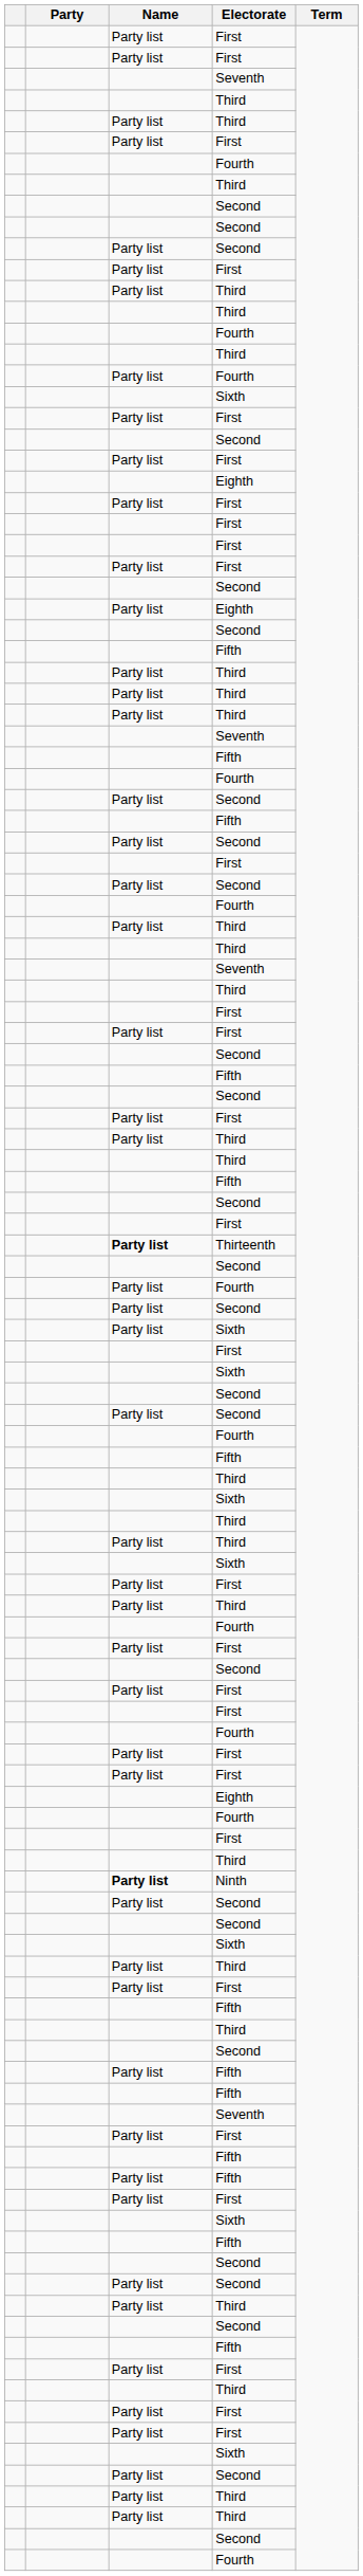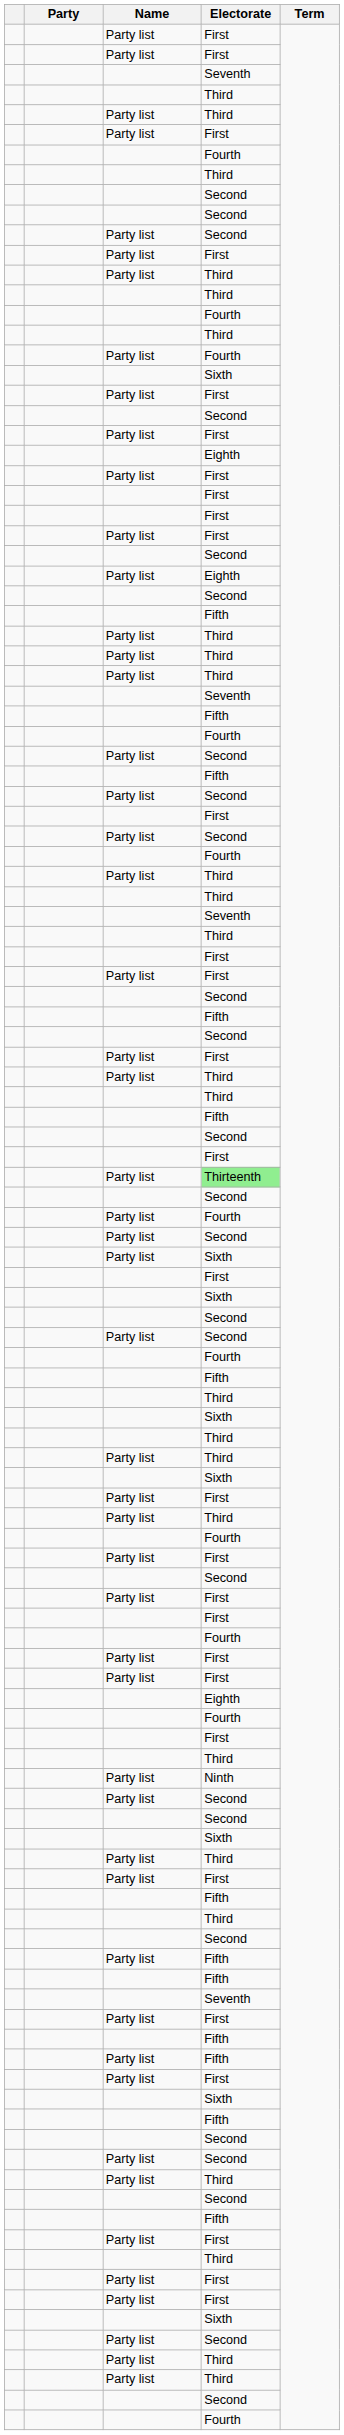 <table class="sortable wikitable">
 <tr ------------------>
 <th width=5% class=unsortable></th>
 <th width=20% align=center>Party</th>
 <th width=25% align=center>Name</th>
 <th width=20% align=center>Electorate</th>
 <th width=15% align=center>Term</th>
 </tr>
 <tr>
 <td></td>
 <td></td>
 <td>Party list</td>
 <td>First</td>
 </tr>
 <tr>
 <td></td>
 <td></td>
 <td>Party list</td>
 <td>First</td>
 </tr>
 <tr>
 <td></td>
 <td></td>
 <td></td>
 <td>Seventh</td>
 </tr>
 <tr>
 <td></td>
 <td></td>
 <td></td>
 <td>Third</td>
 </tr>
 <tr>
 <td></td>
 <td></td>
 <td>Party list</td>
 <td>Third</td>
 </tr>
 <tr>
 <td></td>
 <td></td>
 <td>Party list</td>
 <td>First</td>
 </tr>
 <tr>
 <td></td>
 <td></td>
 <td></td>
 <td>Fourth</td>
 </tr>
 <tr>
 <td></td>
 <td></td>
 <td></td>
 <td>Third</td>
 </tr>
 <tr>
 <td></td>
 <td></td>
 <td></td>
 <td>Second</td>
 </tr>
 <tr>
 <td></td>
 <td></td>
 <td></td>
 <td>Second</td>
 </tr>
 <tr>
 <td></td>
 <td></td>
 <td>Party list</td>
 <td>Second</td>
 </tr>
 <tr>
 <td></td>
 <td></td>
 <td>Party list</td>
 <td>First</td>
 </tr>
 <tr>
 <td></td>
 <td></td>
 <td>Party list</td>
 <td>Third</td>
 </tr>
 <tr>
 <td></td>
 <td></td>
 <td></td>
 <td>Third</td>
 </tr>
 <tr>
 <td></td>
 <td></td>
 <td></td>
 <td>Fourth</td>
 </tr>
 <tr>
 <td></td>
 <td></td>
 <td></td>
 <td>Third</td>
 </tr>
 <tr>
 <td></td>
 <td></td>
 <td>Party list</td>
 <td>Fourth</td>
 </tr>
 <tr>
 <td></td>
 <td></td>
 <td></td>
 <td>Sixth</td>
 </tr>
 <tr>
 <td></td>
 <td></td>
 <td>Party list</td>
 <td>First</td>
 </tr>
 <tr>
 <td></td>
 <td></td>
 <td></td>
 <td>Second</td>
 </tr>
 <tr>
 <td></td>
 <td></td>
 <td>Party list</td>
 <td>First</td>
 </tr>
 <tr>
 <td></td>
 <td></td>
 <td></td>
 <td>Eighth</td>
 </tr>
 <tr>
 <td></td>
 <td></td>
 <td>Party list</td>
 <td>First</td>
 </tr>
 <tr>
 <td></td>
 <td></td>
 <td></td>
 <td>First</td>
 </tr>
 <tr>
 <td></td>
 <td></td>
 <td></td>
 <td>First</td>
 </tr>
 <tr>
 <td></td>
 <td></td>
 <td>Party list</td>
 <td>First</td>
 </tr>
 <tr>
 <td></td>
 <td></td>
 <td></td>
 <td>Second</td>
 </tr>
 <tr>
 <td></td>
 <td></td>
 <td>Party list</td>
 <td>Eighth</td>
 </tr>
 <tr>
 <td></td>
 <td></td>
 <td></td>
 <td>Second</td>
 </tr>
 <tr>
 <td></td>
 <td></td>
 <td></td>
 <td>Fifth</td>
 </tr>
 <tr>
 <td></td>
 <td></td>
 <td>Party list</td>
 <td>Third</td>
 </tr>
 <tr>
 <td></td>
 <td></td>
 <td>Party list</td>
 <td>Third</td>
 </tr>
 <tr>
 <td></td>
 <td></td>
 <td>Party list</td>
 <td>Third</td>
 </tr>
 <tr>
 <td></td>
 <td></td>
 <td></td>
 <td>Seventh</td>
 </tr>
 <tr>
 <td></td>
 <td></td>
 <td></td>
 <td>Fifth</td>
 </tr>
 <tr>
 <td></td>
 <td></td>
 <td></td>
 <td>Fourth</td>
 </tr>
 <tr>
 <td></td>
 <td></td>
 <td>Party list</td>
 <td>Second</td>
 </tr>
 <tr>
 <td></td>
 <td></td>
 <td></td>
 <td>Fifth</td>
 </tr>
 <tr>
 <td></td>
 <td></td>
 <td>Party list</td>
 <td>Second</td>
 </tr>
 <tr>
 <td></td>
 <td></td>
 <td></td>
 <td>First</td>
 </tr>
 <tr>
 <td></td>
 <td></td>
 <td>Party list</td>
 <td>Second</td>
 </tr>
 <tr>
 <td></td>
 <td></td>
 <td></td>
 <td>Fourth</td>
 </tr>
 <tr>
 <td></td>
 <td></td>
 <td>Party list</td>
 <td>Third</td>
 </tr>
 <tr>
 <td></td>
 <td></td>
 <td></td>
 <td>Third</td>
 </tr>
 <tr>
 <td></td>
 <td></td>
 <td></td>
 <td>Seventh</td>
 </tr>
 <tr>
 <td></td>
 <td></td>
 <td></td>
 <td>Third</td>
 </tr>
 <tr>
 <td></td>
 <td></td>
 <td></td>
 <td>First</td>
 </tr>
 <tr>
 <td></td>
 <td></td>
 <td>Party list</td>
 <td>First</td>
 </tr>
 <tr>
 <td></td>
 <td></td>
 <td></td>
 <td>Second</td>
 </tr>
 <tr>
 <td></td>
 <td></td>
 <td></td>
 <td>Fifth</td>
 </tr>
 <tr>
 <td></td>
 <td></td>
 <td></td>
 <td>Second</td>
 </tr>
 <tr>
 <td></td>
 <td></td>
 <td>Party list</td>
 <td>First</td>
 </tr>
 <tr>
 <td></td>
 <td></td>
 <td>Party list</td>
 <td>Third</td>
 </tr>
 <tr>
 <td></td>
 <td></td>
 <td></td>
 <td>Third</td>
 </tr>
 <tr>
 <td></td>
 <td></td>
 <td></td>
 <td>Fifth</td>
 </tr>
 <tr>
 <td></td>
 <td></td>
 <td></td>
 <td>Second</td>
 </tr>
 <tr>
 <td></td>
 <td></td>
 <td></td>
 <td>First</td>
 </tr>
 <tr>
 <td></td>
 <td></td>
-<td><strong>Party list</strong></td>
-<td>Thirteenth</td>
+<td>Party list</td>
+<td style="background: lightgreen;">Thirteenth</td>
 </tr>
 <tr>
 <td></td>
 <td></td>
 <td></td>
 <td>Second</td>
 </tr>
 <tr>
 <td></td>
 <td></td>
 <td>Party list</td>
 <td>Fourth</td>
 </tr>
 <tr>
 <td></td>
 <td></td>
 <td>Party list</td>
 <td>Second</td>
 </tr>
 <tr>
 <td></td>
 <td></td>
 <td>Party list</td>
 <td>Sixth</td>
 </tr>
 <tr>
 <td></td>
 <td></td>
 <td></td>
 <td>First</td>
 </tr>
 <tr>
 <td></td>
 <td></td>
 <td></td>
 <td>Sixth</td>
 </tr>
 <tr>
 <td></td>
 <td></td>
 <td></td>
 <td>Second</td>
 </tr>
 <tr>
 <td></td>
 <td></td>
 <td>Party list</td>
 <td>Second</td>
 </tr>
 <tr>
 <td></td>
 <td></td>
 <td></td>
 <td>Fourth</td>
 </tr>
 <tr>
 <td></td>
 <td></td>
 <td></td>
 <td>Fifth</td>
 </tr>
 <tr>
 <td></td>
 <td></td>
 <td></td>
 <td>Third</td>
 </tr>
 <tr>
 <td></td>
 <td></td>
 <td></td>
 <td>Sixth</td>
 </tr>
 <tr>
 <td></td>
 <td></td>
 <td></td>
 <td>Third</td>
 </tr>
 <tr>
 <td></td>
 <td></td>
 <td>Party list</td>
 <td>Third</td>
 </tr>
 <tr>
 <td></td>
 <td></td>
 <td></td>
 <td>Sixth</td>
 </tr>
 <tr>
 <td></td>
 <td></td>
 <td>Party list</td>
 <td>First</td>
 </tr>
 <tr>
 <td></td>
 <td></td>
 <td>Party list</td>
 <td>Third</td>
 </tr>
 <tr>
 <td></td>
 <td></td>
 <td></td>
 <td>Fourth</td>
 </tr>
 <tr>
 <td></td>
 <td></td>
 <td>Party list</td>
 <td>First</td>
 </tr>
 <tr>
 <td></td>
 <td></td>
 <td></td>
 <td>Second</td>
 </tr>
 <tr>
 <td></td>
 <td></td>
 <td>Party list</td>
 <td>First</td>
 </tr>
 <tr>
 <td></td>
 <td></td>
 <td></td>
 <td>First</td>
 </tr>
 <tr>
 <td></td>
 <td></td>
 <td></td>
 <td>Fourth</td>
 </tr>
 <tr>
 <td></td>
 <td></td>
 <td>Party list</td>
 <td>First</td>
 </tr>
 <tr>
 <td></td>
 <td></td>
 <td>Party list</td>
 <td>First</td>
 </tr>
 <tr>
 <td></td>
 <td></td>
 <td></td>
 <td>Eighth</td>
 </tr>
 <tr>
 <td></td>
 <td></td>
 <td></td>
 <td>Fourth</td>
 </tr>
 <tr>
 <td></td>
 <td></td>
 <td></td>
 <td>First</td>
 </tr>
 <tr>
 <td></td>
 <td></td>
 <td></td>
 <td>Third</td>
 </tr>
 <tr>
 <td></td>
 <td></td>
-<td><strong>Party list</strong></td>
+<td>Party list</td>
 <td>Ninth</td>
 </tr>
 <tr>
 <td></td>
 <td></td>
 <td>Party list</td>
 <td>Second</td>
 </tr>
 <tr>
 <td></td>
 <td></td>
 <td></td>
 <td>Second</td>
 </tr>
 <tr>
 <td></td>
 <td></td>
 <td></td>
 <td>Sixth</td>
 </tr>
 <tr>
 <td></td>
 <td></td>
 <td>Party list</td>
 <td>Third</td>
 </tr>
 <tr>
 <td></td>
 <td></td>
 <td>Party list</td>
 <td>First</td>
 </tr>
 <tr>
 <td></td>
 <td></td>
 <td></td>
 <td>Fifth</td>
 </tr>
 <tr>
 <td></td>
 <td></td>
 <td></td>
 <td>Third</td>
 </tr>
 <tr>
 <td></td>
 <td></td>
 <td></td>
 <td>Second</td>
 </tr>
 <tr>
 <td></td>
 <td></td>
 <td>Party list</td>
 <td>Fifth</td>
 </tr>
 <tr>
 <td></td>
 <td></td>
 <td></td>
 <td>Fifth</td>
 </tr>
 <tr>
 <td></td>
 <td></td>
 <td></td>
 <td>Seventh</td>
 </tr>
 <tr>
 <td></td>
 <td></td>
 <td>Party list</td>
 <td>First</td>
 </tr>
 <tr>
 <td></td>
 <td></td>
 <td></td>
 <td>Fifth</td>
 </tr>
 <tr>
 <td></td>
 <td></td>
 <td>Party list</td>
 <td>Fifth</td>
 </tr>
 <tr>
 <td></td>
 <td></td>
 <td>Party list</td>
 <td>First</td>
 </tr>
 <tr>
 <td></td>
 <td></td>
 <td></td>
 <td>Sixth</td>
 </tr>
 <tr>
 <td></td>
 <td></td>
 <td></td>
 <td>Fifth</td>
 </tr>
 <tr>
 <td></td>
 <td></td>
 <td></td>
 <td>Second</td>
 </tr>
 <tr>
 <td></td>
 <td></td>
 <td>Party list</td>
 <td>Second</td>
 </tr>
 <tr>
 <td></td>
 <td></td>
 <td>Party list</td>
 <td>Third</td>
 </tr>
 <tr>
 <td></td>
 <td></td>
 <td></td>
 <td>Second</td>
 </tr>
 <tr>
 <td></td>
 <td></td>
 <td></td>
 <td>Fifth</td>
 </tr>
 <tr>
 <td></td>
 <td></td>
 <td>Party list</td>
 <td>First</td>
 </tr>
 <tr>
 <td></td>
 <td></td>
 <td></td>
 <td>Third</td>
 </tr>
 <tr>
 <td></td>
 <td></td>
 <td>Party list</td>
 <td>First</td>
 </tr>
 <tr>
 <td></td>
 <td></td>
 <td>Party list</td>
 <td>First</td>
 </tr>
 <tr>
 <td></td>
 <td></td>
 <td></td>
 <td>Sixth</td>
 </tr>
 <tr>
 <td></td>
 <td></td>
 <td>Party list</td>
 <td>Second</td>
 </tr>
 <tr>
 <td></td>
 <td></td>
 <td>Party list</td>
 <td>Third</td>
 </tr>
 <tr>
 <td></td>
 <td></td>
 <td>Party list</td>
 <td>Third</td>
 </tr>
 <tr>
 <td></td>
 <td></td>
 <td></td>
 <td>Second</td>
 </tr>
 <tr>
 <td></td>
 <td></td>
 <td></td>
 <td>Fourth</td>
 </tr>
 </table>
